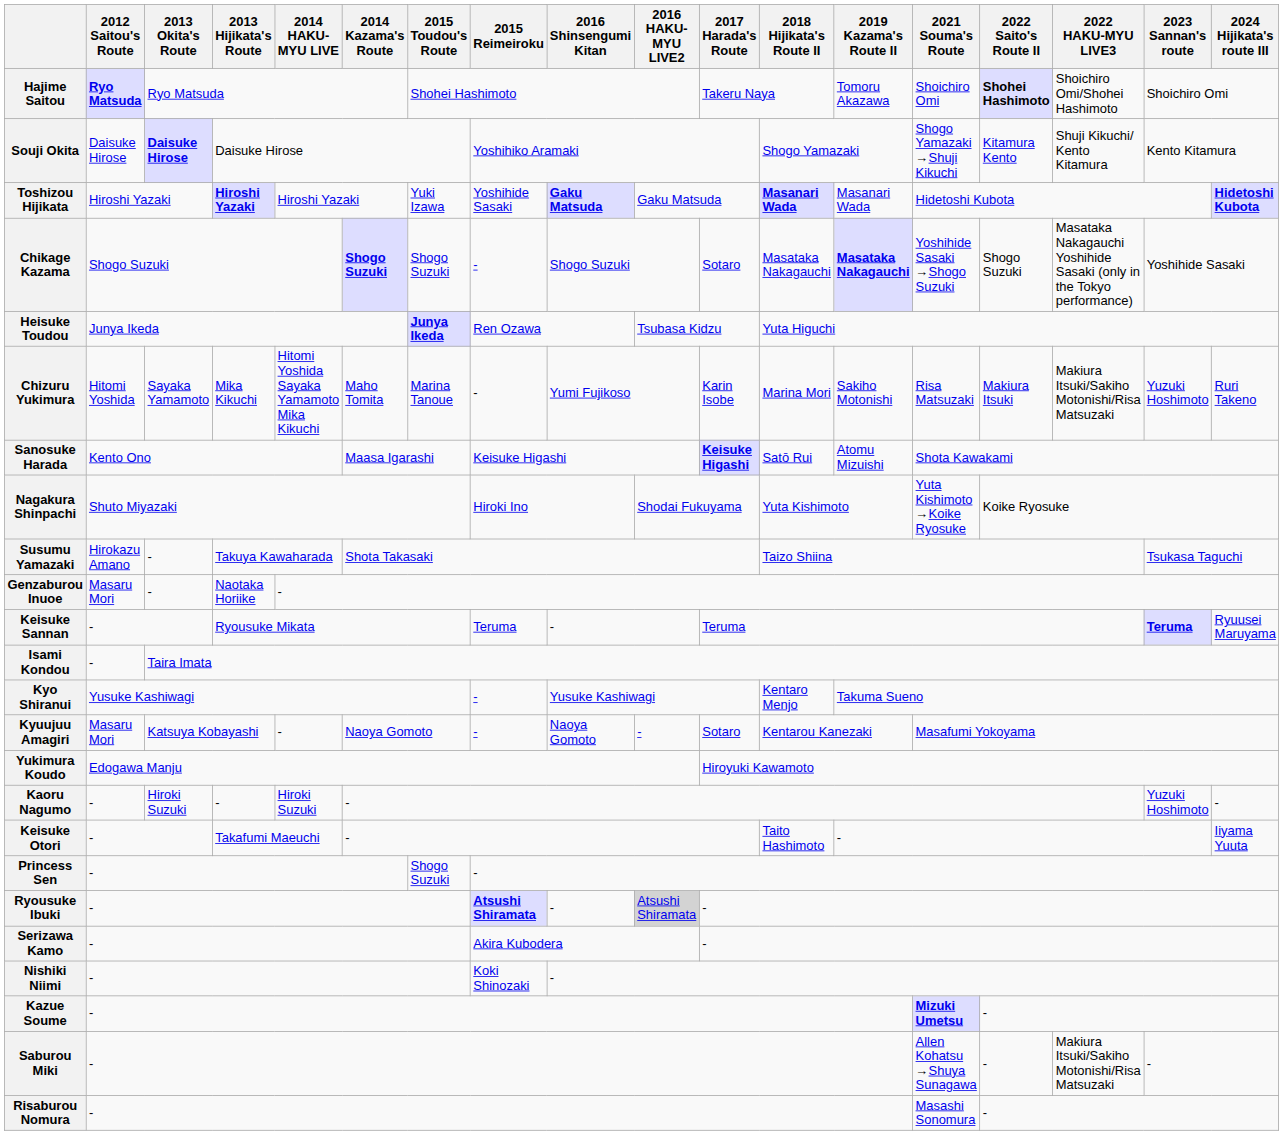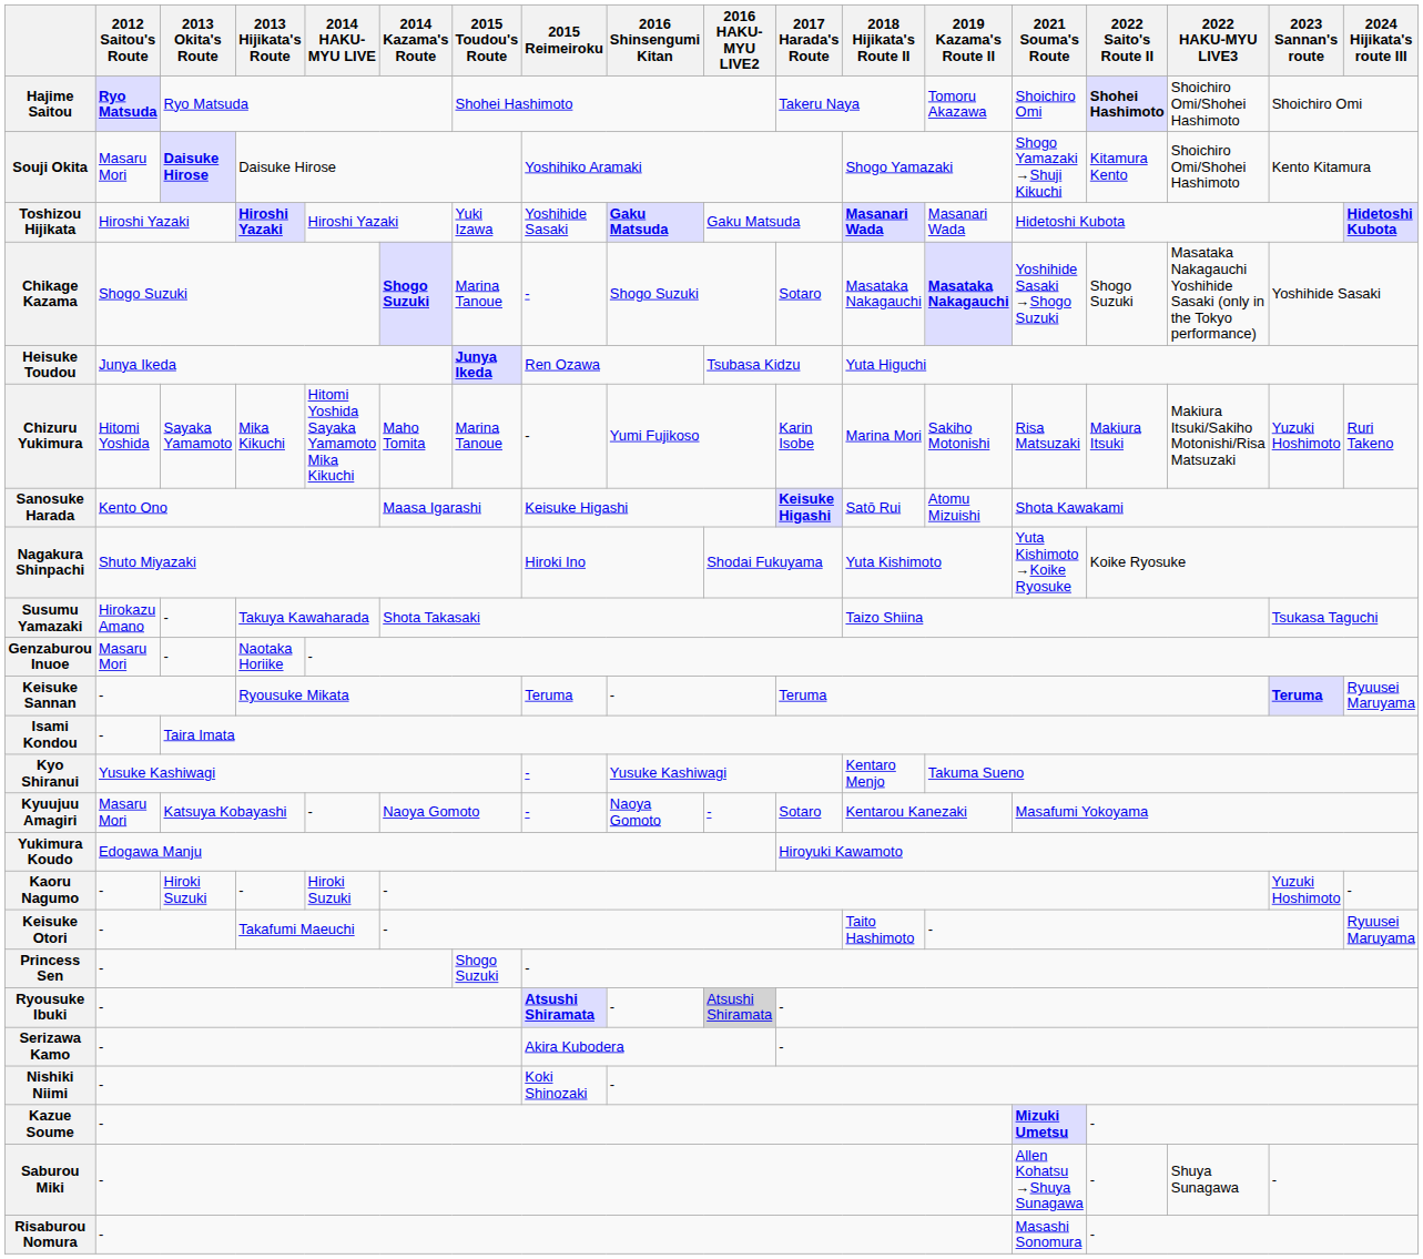 <table class="wikitable" style="width:100%">
 <tr>
 <th> </th>
 <th>2012<br>Saitou's Route</th>
 <th>2013<br>Okita's Route</th>
 <th>2013<br>Hijikata's Route</th>
 <th>2014<br>HAKU-MYU LIVE</th>
 <th>2014<br>Kazama's Route</th>
 <th>2015<br>Toudou's Route</th>
 <th>2015<br>Reimeiroku</th>
 <th>2016<br>Shinsengumi Kitan</th>
 <th>2016<br>HAKU-MYU LIVE2</th>
 <th>2017<br>Harada's Route</th>
 <th>2018<br>Hijikata's Route II</th>
 <th>2019<br>Kazama's Route II</th>
 <th>2021<br>Souma's Route</th>
 <th>2022<br>Saito's Route II</th>
 <th>2022<br>HAKU-MYU LIVE3</th>
 <th>2023<br>Sannan's route</th>
 <th>2024<br>Hijikata's route III</th>
 </tr>
 <tr>
 <th>Hajime Saitou</th>
 <td style="background-color:#ddf"><strong><a href='#'>Ryo Matsuda</a></strong></td>
 <td colspan="4"><a href='#'>Ryo Matsuda</a></td>
 <td colspan="4"><a href='#'>Shohei Hashimoto</a></td>
 <td colspan="2"><a href='#'>Takeru Naya</a></td>
 <td><a href='#'>Tomoru Akazawa</a></td>
 <td><a href='#'>Shoichiro Omi</a></td>
 <td style="background-color:#ddf"><strong>Shohei Hashimoto</strong></td>
 <td>Shoichiro Omi/Shohei Hashimoto</td>
 <td colspan="2">Shoichiro Omi</td>
 </tr>
 <tr>
 <th>Souji Okita</th>
-<td><a href='#'>Daisuke Hirose</a></td>
+<td><a href='#'>Masaru Mori</a></td>
 <td style="background-color:#ddf"><strong><a href='#'>Daisuke Hirose</a></strong></td>
 <td colspan="4">Daisuke Hirose</td>
 <td colspan="4"><a href='#'>Yoshihiko Aramaki</a></td>
 <td colspan="2"><a href='#'>Shogo Yamazaki</a></td>
 <td><a href='#'>Shogo Yamazaki</a><br>→<a href='#'>Shuji Kikuchi</a></td>
 <td><a href='#'>Kitamura Kento</a></td>
-<td>Shuji Kikuchi/ Kento Kitamura</td>
+<td>Shoichiro Omi/Shohei Hashimoto</td>
 <td colspan="2">Kento Kitamura</td>
 </tr>
 <tr>
 <th>Toshizou Hijikata</th>
 <td COLSPAN="2"><a href='#'>Hiroshi Yazaki</a></td>
 <td style="background-color:#ddf"><strong><a href='#'>Hiroshi Yazaki</a></strong></td>
 <td colspan="2"><a href='#'>Hiroshi Yazaki</a></td>
 <td><a href='#'>Yuki Izawa</a></td>
 <td><a href='#'>Yoshihide Sasaki</a></td>
 <td style="background-color:#ddf"><strong><a href='#'>Gaku Matsuda</a></strong></td>
 <td colspan="2"><a href='#'>Gaku Matsuda</a></td>
 <td style="background-color:#ddf"><strong><a href='#'>Masanari Wada</a></strong></td>
 <td><a href='#'>Masanari Wada</a></td>
 <td colspan= "4"><a href='#'>Hidetoshi Kubota</a></td>
 <td style="background-color:#ddf"><strong><a href='#'>Hidetoshi Kubota</a></strong></td>
 </tr>
 <tr>
 <th>Chikage Kazama</th>
 <td colspan="4"><a href='#'>Shogo Suzuki</a></td>
 <td style="background-color:#ddf"><strong><a href='#'>Shogo Suzuki</a></strong></td>
-<td><a href='#'>Shogo Suzuki</a></td>
+<td><a href='#'>Marina Tanoue</a></td>
 <td><a href='#'>-</a></td>
 <td colspan="2"><a href='#'>Shogo Suzuki</a></td>
 <td><a href='#'>Sotaro</a></td>
 <td><a href='#'>Masataka Nakagauchi</a></td>
 <td style="background-color:#ddf"><strong><a href='#'>Masataka Nakagauchi</a></strong></td>
 <td><a href='#'>Yoshihide Sasaki</a><br>→<a href='#'>Shogo Suzuki</a></td>
 <td>Shogo Suzuki</td>
 <td>Masataka Nakagauchi<br>Yoshihide Sasaki (only in the Tokyo performance)</td>
 <td colspan="2">Yoshihide Sasaki</td>
 </tr>
 <tr>
 <th>Heisuke Toudou</th>
 <td colspan="5"><a href='#'>Junya Ikeda</a></td>
 <td style="background-color:#ddf"><strong><a href='#'>Junya Ikeda</a></strong></td>
 <td colspan="2"><a href='#'>Ren Ozawa</a></td>
 <td colspan="2"><a href='#'>Tsubasa Kidzu</a></td>
 <td colspan="7"><a href='#'>Yuta Higuchi</a></td>
 </tr>
 <tr>
 <th>Chizuru Yukimura</th>
 <td><a href='#'>Hitomi Yoshida</a></td>
 <td><a href='#'>Sayaka Yamamoto</a></td>
 <td><a href='#'>Mika Kikuchi</a></td>
 <td><a href='#'>Hitomi Yoshida</a><br><a href='#'>Sayaka Yamamoto</a> <a href='#'>Mika Kikuchi</a></td>
 <td><a href='#'>Maho Tomita</a></td>
 <td><a href='#'>Marina Tanoue</a></td>
 <td>-</td>
 <td colspan="2"><a href='#'>Yumi Fujikoso</a></td>
 <td><a href='#'>Karin Isobe</a></td>
 <td><a href='#'>Marina Mori</a></td>
 <td><a href='#'>Sakiho Motonishi</a></td>
 <td><a href='#'>Risa Matsuzaki</a></td>
 <td><a href='#'>Makiura Itsuki</a></td>
 <td>Makiura Itsuki/Sakiho Motonishi/Risa Matsuzaki</td>
 <td><a href='#'>Yuzuki Hoshimoto</a></td>
 <td><a href='#'>Ruri Takeno</a></td>
 </tr>
 <tr>
 <th>Sanosuke Harada</th>
 <td colspan="4"><a href='#'>Kento Ono</a></td>
 <td COLSPAN="2"><a href='#'>Maasa Igarashi</a></td>
 <td colspan="3"><a href='#'>Keisuke Higashi</a></td>
 <td style="background-color:#ddf"><strong><a href='#'>Keisuke Higashi</a></strong></td>
 <td><a href='#'>Satō Rui</a></td>
 <td><a href='#'>Atomu Mizuishi</a></td>
 <td colspan="5"><a href='#'>Shota Kawakami</a></td>
 </tr>
 <tr>
 <th>Nagakura Shinpachi</th>
 <td colspan="6"><a href='#'>Shuto Miyazaki</a></td>
 <td colspan="2"><a href='#'>Hiroki Ino</a></td>
 <td colspan="2"><a href='#'>Shodai Fukuyama</a></td>
 <td colspan="2"><a href='#'>Yuta Kishimoto</a></td>
 <td><a href='#'>Yuta Kishimoto</a><br>→<a href='#'>Koike Ryosuke</a></td>
 <td colspan="4">Koike Ryosuke</td>
 </tr>
 <tr>
 <th>Susumu Yamazaki</th>
 <td><a href='#'>Hirokazu Amano</a></td>
 <td>-</td>
 <td colspan="2"><a href='#'>Takuya Kawaharada</a></td>
 <td colspan="6"><a href='#'>Shota Takasaki</a></td>
 <td colspan="5"><a href='#'>Taizo Shiina</a></td>
 <td colspan="2"><a href='#'>Tsukasa Taguchi</a></td>
 </tr>
 <tr>
 <th>Genzaburou Inuoe</th>
 <td><a href='#'>Masaru Mori</a></td>
 <td>-</td>
 <td><a href='#'>Naotaka Horiike</a></td>
 <td colspan="15">-</td>
 </tr>
 <tr>
 <th>Keisuke Sannan</th>
 <td COLSPAN="2">-</td>
 <td colspan="4"><a href='#'>Ryousuke Mikata</a></td>
 <td><a href='#'>Teruma</a></td>
 <td colspan="2">-</td>
 <td colspan="6"><a href='#'>Teruma</a></td>
 <td style="background-color:#ddf"><strong><a href='#'>Teruma</a></strong></td>
 <td><a href='#'>Ryuusei Maruyama</a></td>
 </tr>
 <tr>
 <th>Isami Kondou</th>
 <td>-</td>
 <td colspan="16"><a href='#'>Taira Imata</a></td>
 </tr>
 <tr>
 <th>Kyo Shiranui</th>
 <td colspan="6"><a href='#'>Yusuke Kashiwagi</a></td>
 <td><a href='#'>-</a></td>
 <td colspan="3"><a href='#'>Yusuke Kashiwagi</a></td>
 <td><a href='#'>Kentaro Menjo</a></td>
 <td colspan="6"><a href='#'>Takuma Sueno</a></td>
 </tr>
 <tr>
 <th>Kyuujuu Amagiri</th>
 <td><a href='#'>Masaru Mori</a></td>
 <td COLSPAN="2"><a href='#'>Katsuya Kobayashi</a></td>
 <td>-</td>
 <td colspan="2"><a href='#'>Naoya Gomoto</a></td>
 <td><a href='#'>-</a></td>
 <td><a href='#'>Naoya Gomoto</a></td>
 <td><a href='#'>-</a></td>
 <td><a href='#'>Sotaro</a></td>
 <td colspan="2"><a href='#'>Kentarou Kanezaki</a></td>
 <td colspan="5"><a href='#'>Masafumi Yokoyama</a></td>
 </tr>
 <tr>
 <th>Yukimura Koudo</th>
 <td colspan="9"><a href='#'>Edogawa Manju</a></td>
 <td colspan="8"><a href='#'>Hiroyuki Kawamoto</a></td>
 </tr>
 <tr>
 <th>Kaoru Nagumo</th>
 <td>-</td>
 <td><a href='#'>Hiroki Suzuki</a></td>
 <td>-</td>
 <td><a href='#'>Hiroki Suzuki</a></td>
 <td colspan="11">-</td>
 <td><a href='#'>Yuzuki Hoshimoto</a></td>
 <td>-</td>
 </tr>
 <tr>
 <th>Keisuke Otori</th>
 <td COLSPAN="2">-</td>
 <td colspan="2"><a href='#'>Takafumi Maeuchi</a></td>
 <td COLSPAN="6">-</td>
 <td><a href='#'>Taito Hashimoto</a></td>
 <td colspan="5">-</td>
-<td><a href='#'>Iiyama Yuuta</a></td>
+<td><a href='#'>Ryuusei Maruyama</a></td>
 </tr>
 <tr>
 <th>Princess Sen</th>
 <td colspan="5">-</td>
 <td><a href='#'>Shogo Suzuki</a></td>
 <td COLSPAN="11">-</td>
 </tr>
 <tr>
 <th>Ryousuke Ibuki</th>
 <td colspan="6">-</td>
 <td style="background-color:#ddf"><strong><a href='#'>Atsushi Shiramata</a></strong></td>
 <td>-</td>
 <td style="background: lightgrey;"><a href='#'>Atsushi Shiramata</a></td>
 <td colspan="8">-</td>
 </tr>
 <tr>
 <th>Serizawa Kamo</th>
 <td colspan="6">-</td>
 <td colspan="3"><a href='#'>Akira Kubodera</a></td>
 <td colspan="8">-</td>
 </tr>
 <tr>
 <th>Nishiki Niimi</th>
 <td colspan="6">-</td>
 <td><a href='#'>Koki Shinozaki</a></td>
 <td colspan="10">-</td>
 </tr>
 <tr>
 <th>Kazue Soume</th>
 <td colspan="12">-</td>
 <td style="background-color:#ddf"><strong><a href='#'>Mizuki Umetsu</a></strong></td>
 <td colspan="4">-</td>
 </tr>
 <tr>
 <th>Saburou Miki</th>
 <td colspan="12">-</td>
 <td><a href='#'>Allen Kohatsu</a> <br>→<a href='#'>Shuya Sunagawa</a></td>
 <td>-</td>
-<td>Makiura Itsuki/Sakiho Motonishi/Risa Matsuzaki</td>
+<td>Shuya Sunagawa</td>
 <td colspan="4">-</td>
 </tr>
 <tr>
 <th>Risaburou Nomura</th>
 <td colspan="12">-</td>
 <td><a href='#'>Masashi Sonomura</a></td>
 <td colspan="4">-</td>
 </tr>
 </table>
